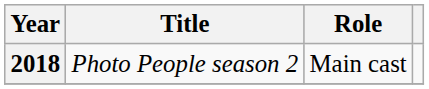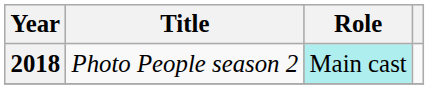 <table class="wikitable sortable plainrowheaders">
 <tr>
 <th scope="col">Year</th>
 <th scope="col">Title</th>
 <th scope="col">Role</th>
 <th scope="col" class="unsortable"></th>
 </tr>
 <tr>
 <th scope="row"  rowspan="1">2018</th>
 <td><em>Photo People season 2</em></td>
-<td>Main cast</td>
+<td style="background: paleturquoise;">Main cast</td>
 <td></td>
 </tr>
 <tr>
 </tr>
 </table>
